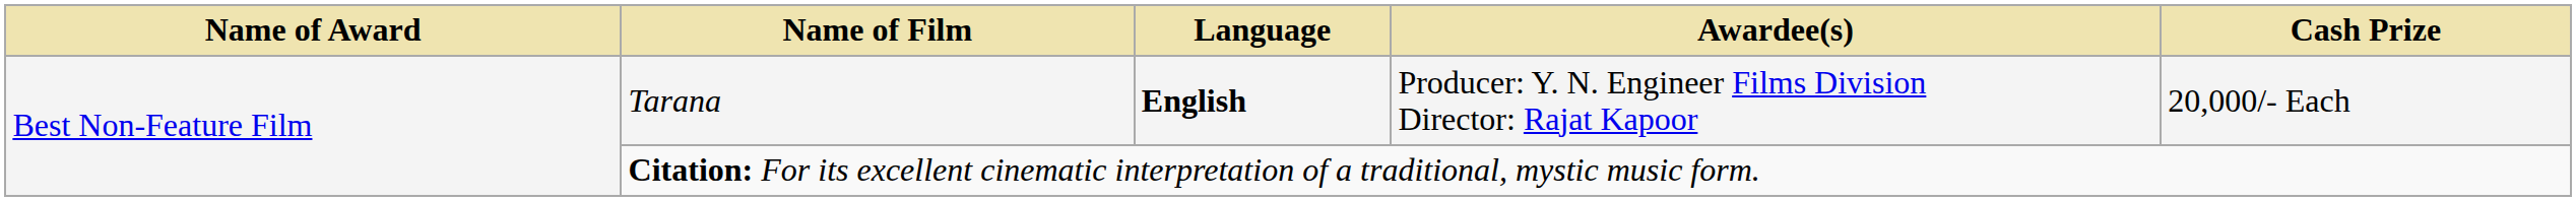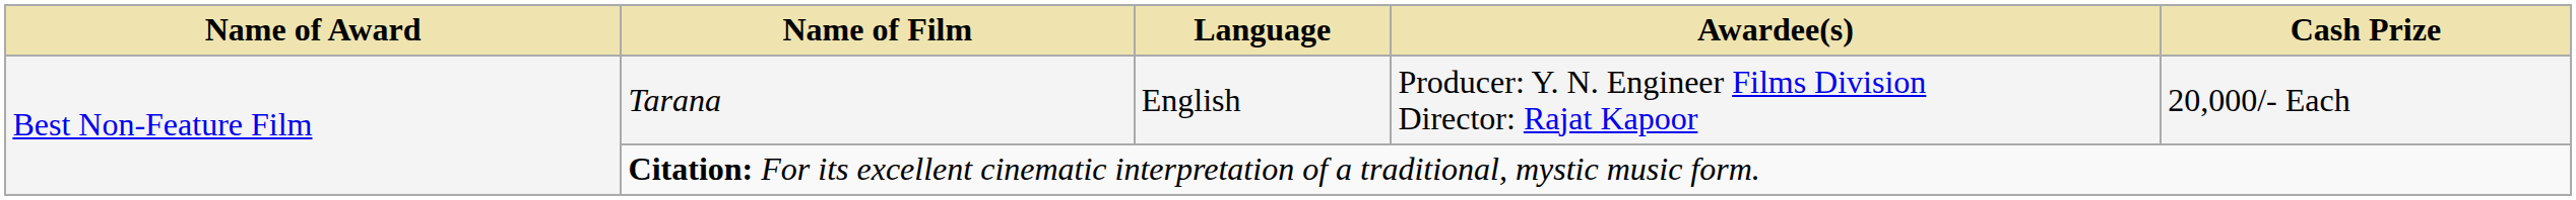 <table class="wikitable" style="width:100%;">
 <tr>
 <th style="background-color:#EFE4B0;width:24%;">Name of Award</th>
 <th style="background-color:#EFE4B0;width:20%;">Name of Film</th>
 <th style="background-color:#EFE4B0;width:10%;">Language</th>
 <th style="background-color:#EFE4B0;width:30%;">Awardee(s)</th>
 <th style="background-color:#EFE4B0;width:16%;">Cash Prize</th>
 </tr>
 <tr style="background-color:#F4F4F4">
 <td rowspan="2"><a href='#'>Best Non-Feature Film</a></td>
 <td><em>Tarana</em></td>
-<td><strong>English</strong></td>
+<td>English</td>
 <td>Producer: Y. N. Engineer  <a href='#'>Films Division</a><br>Director: <a href='#'>Rajat Kapoor</a></td>
 <td>20,000/- Each</td>
 </tr>
 <tr style="background-color:#F9F9F9">
 <td colspan="4"><strong>Citation:</strong> <em>For its excellent cinematic interpretation of a traditional, mystic music form.</em></td>
 </tr>
 </table>
